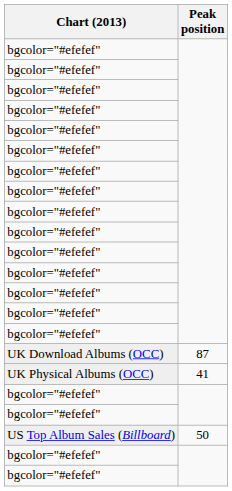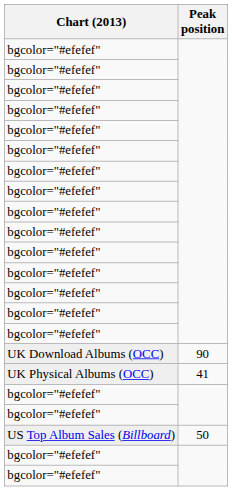 <table class="wikitable sortable plainrowheaders">
 <tr>
 <th>Chart (2013)</th>
 <th>Peak<br>position</th>
 </tr>
 <tr>
 <td>bgcolor="#efefef" </td>
 </tr>
 <tr>
 <td>bgcolor="#efefef" </td>
 </tr>
 <tr>
 <td>bgcolor="#efefef" </td>
 </tr>
 <tr>
 <td>bgcolor="#efefef" </td>
 </tr>
 <tr>
 <td>bgcolor="#efefef" </td>
 </tr>
 <tr>
 <td>bgcolor="#efefef" </td>
 </tr>
 <tr>
 <td>bgcolor="#efefef" </td>
 </tr>
 <tr>
 <td>bgcolor="#efefef" </td>
 </tr>
 <tr>
 <td>bgcolor="#efefef" </td>
 </tr>
 <tr>
 <td>bgcolor="#efefef" </td>
 </tr>
 <tr>
 <td>bgcolor="#efefef" </td>
 </tr>
 <tr>
 <td>bgcolor="#efefef" </td>
 </tr>
 <tr>
 <td>bgcolor="#efefef" </td>
 </tr>
 <tr>
 <td>bgcolor="#efefef" </td>
 </tr>
 <tr>
 <td>bgcolor="#efefef" </td>
 </tr>
 <tr>
 <td bgcolor="#efefef" align="left">UK Download Albums (<a href='#'>OCC</a>)</td>
-<td align="center">87</td>
+<td align="center">90</td>
 </tr>
 <tr>
 <td bgcolor="#efefef" align="left">UK Physical Albums (<a href='#'>OCC</a>)</td>
 <td align="center">41</td>
 </tr>
 <tr>
 <td>bgcolor="#efefef" </td>
 </tr>
 <tr>
 <td>bgcolor="#efefef" </td>
 </tr>
 <tr>
 <td bgcolor="#efefef" align="left">US <a href='#'>Top Album Sales</a> (<a href='#'><em>Billboard</em></a>)</td>
 <td align="center">50</td>
 </tr>
 <tr>
 <td>bgcolor="#efefef" </td>
 </tr>
 <tr>
 <td>bgcolor="#efefef" </td>
 </tr>
 </table>
